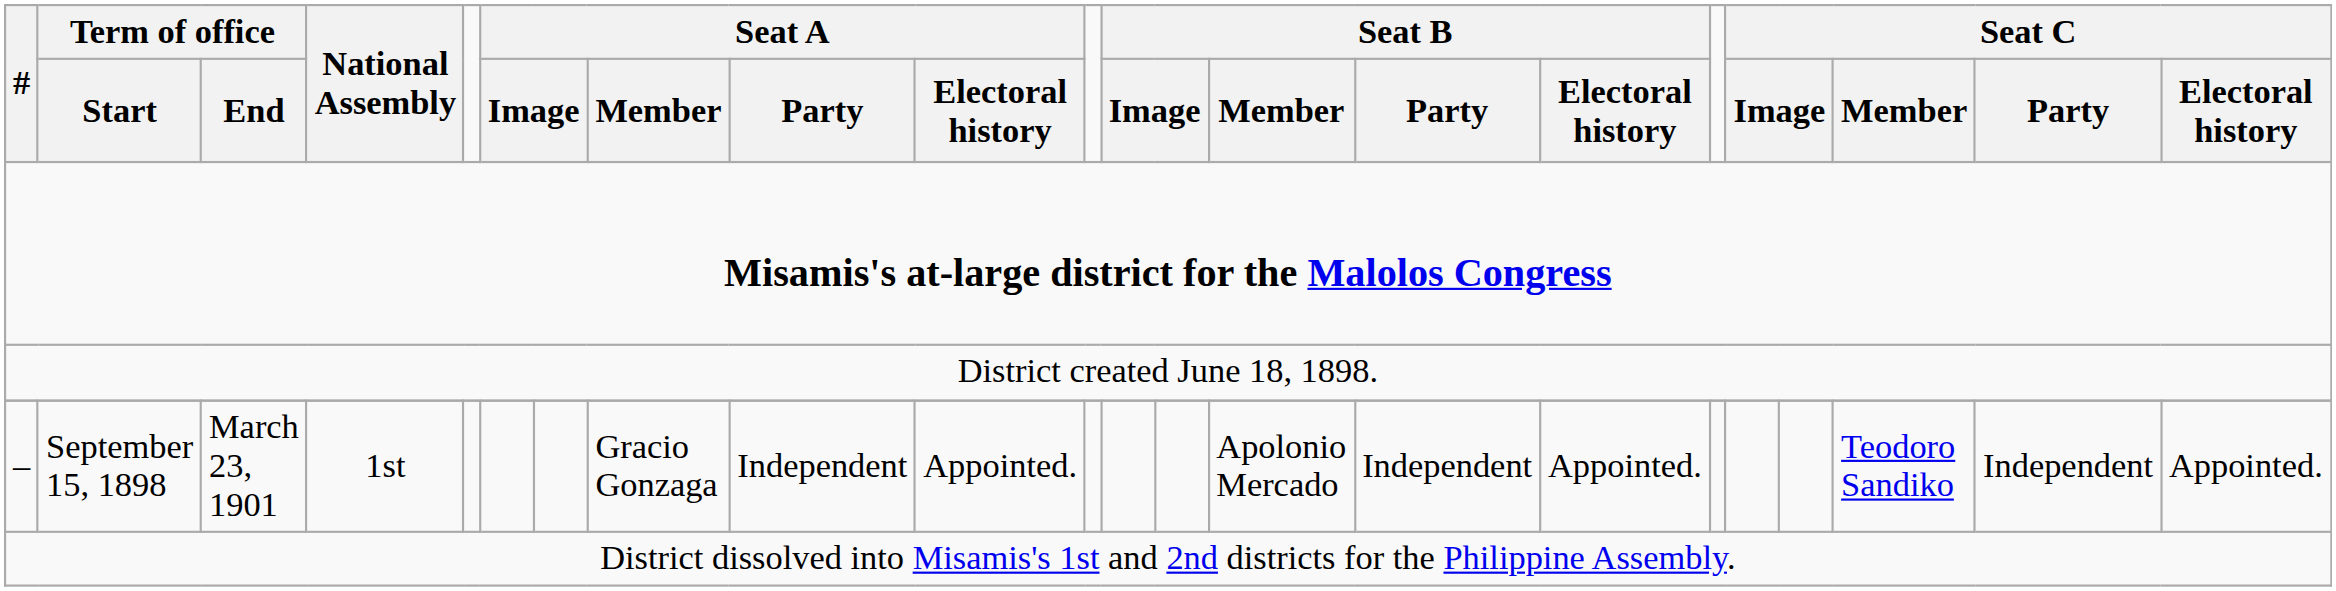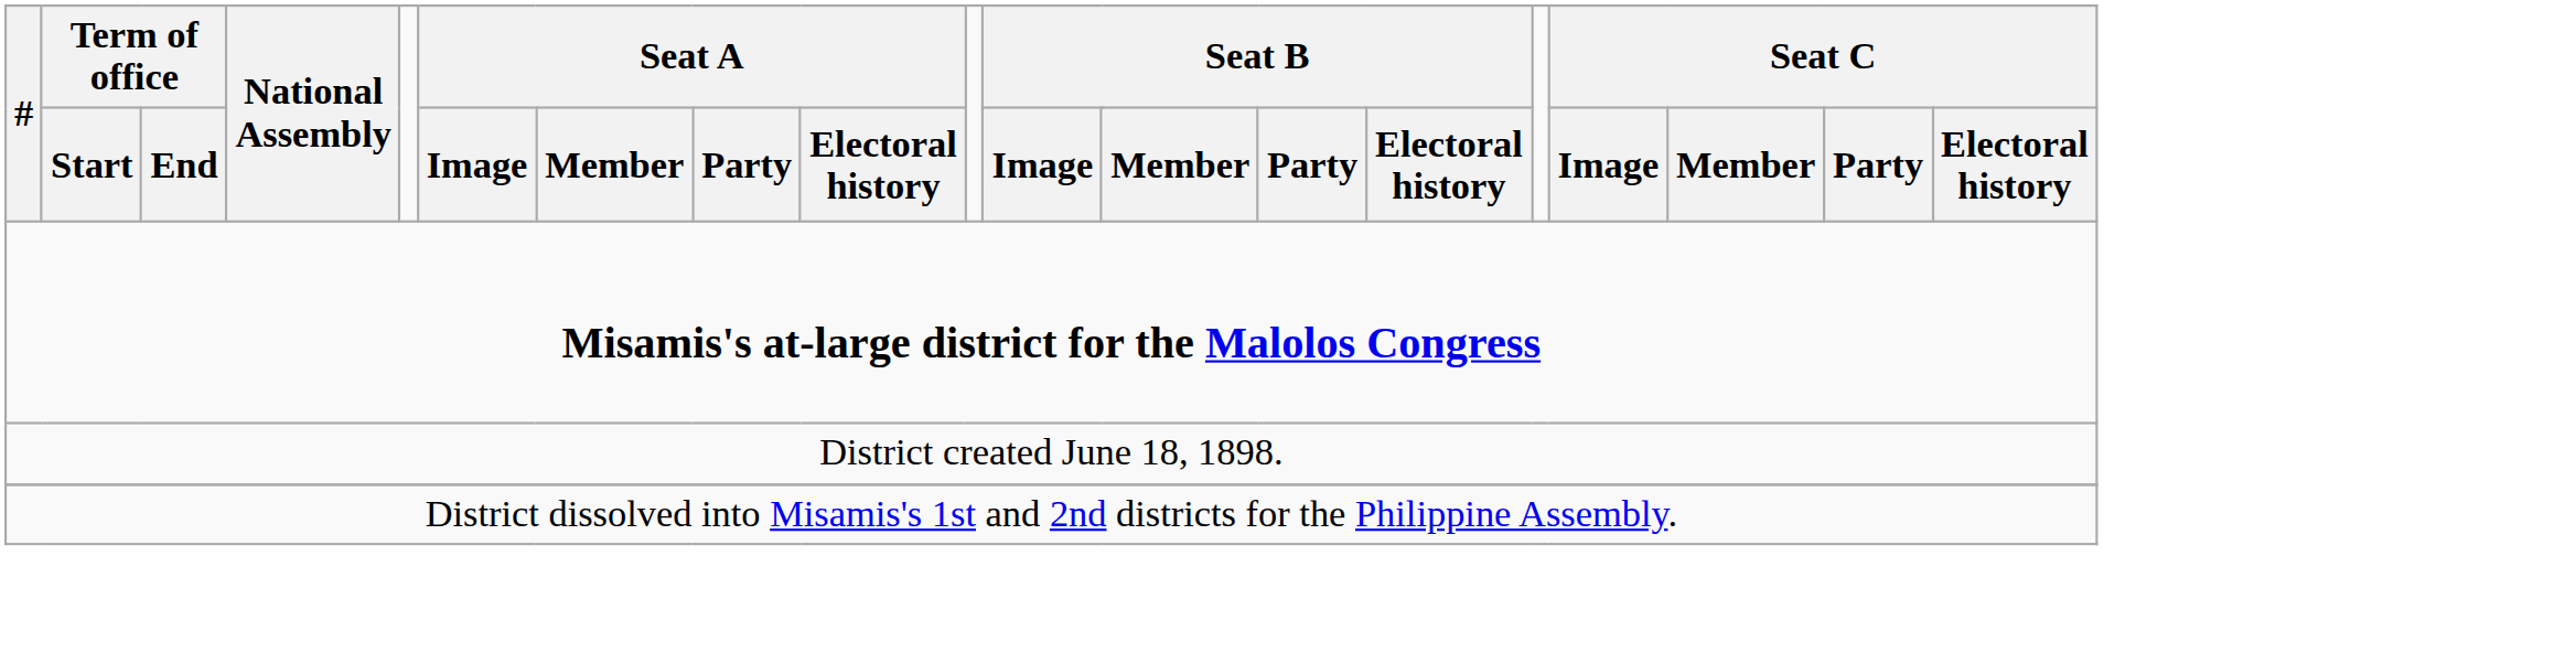 <table class=wikitable>
 <tr>
 <th rowspan=2>#</th>
 <th colspan=2>Term of office</th>
 <th rowspan=2>National<br>Assembly</th>
 <td rowspan=2></td>
 <th colspan=5>Seat A</th>
 <td rowspan=2></td>
 <th colspan=5>Seat B</th>
 <td rowspan=2></td>
 <th colspan=5>Seat C</th>
 </tr>
 <tr style="height:3em">
 <th>Start</th>
 <th>End</th>
 <th colspan="2" style="text-align:center;">Image</th>
 <th>Member</th>
 <th>Party</th>
 <th>Electoral history</th>
 <th colspan="2" style="text-align:center;">Image</th>
 <th>Member</th>
 <th>Party</th>
 <th>Electoral history</th>
 <th colspan="2" style="text-align:center;">Image</th>
 <th>Member</th>
 <th>Party</th>
 <th>Electoral history</th>
 </tr>
 <tr>
 <td colspan="22" style="text-align:center;"><br><h3>Misamis's at-large district for the <a href='#'>Malolos Congress</a></h3></td>
 </tr>
 <tr>
 <td colspan="22" style="text-align:center;">District created June 18, 1898.</td>
 </tr>
 <tr>
 </tr>
-<tr style="height:3em">
-<td style="text-align:center;">–</td>
-<td>September 15, 1898</td>
-<td>March 23, 1901</td>
-<td style="text-align:center;">1st</td>
-<td></td>
-<td style="background:"></td>
-<td></td>
-<td>Gracio Gonzaga</td>
-<td>Independent</td>
-<td>Appointed.</td>
-<td></td>
-<td style="background:"></td>
-<td></td>
-<td>Apolonio Mercado</td>
-<td>Independent</td>
-<td>Appointed.</td>
-<td></td>
-<td style="background:"></td>
-<td></td>
-<td><a href='#'>Teodoro Sandiko</a></td>
-<td>Independent</td>
-<td>Appointed.</td>
-</tr>
 <tr>
 <td colspan="22" style="text-align:center;">District dissolved into <a href='#'>Misamis's 1st</a> and <a href='#'>2nd</a> districts for the <a href='#'>Philippine Assembly</a>.</td>
 </tr>
 </table>
